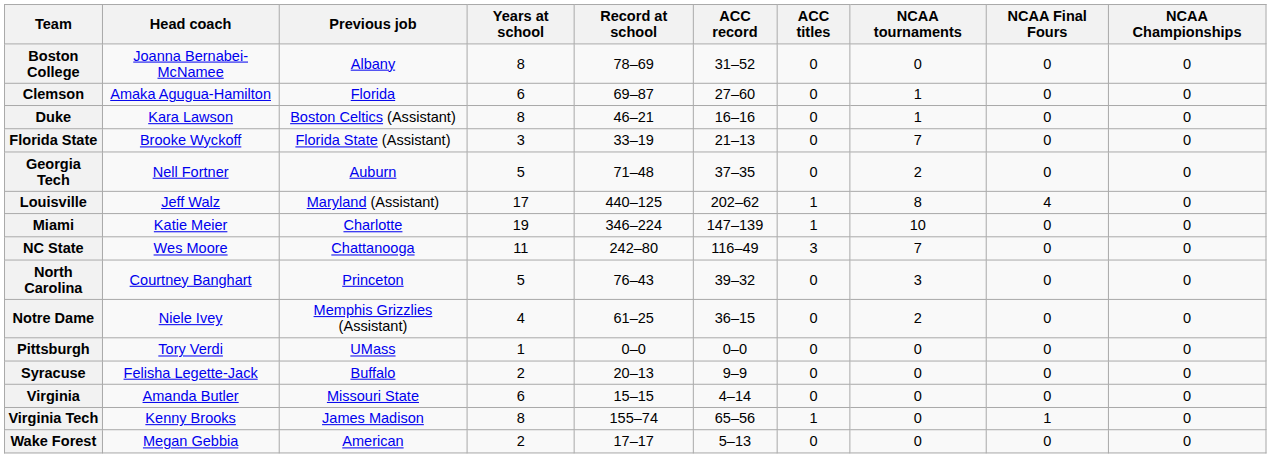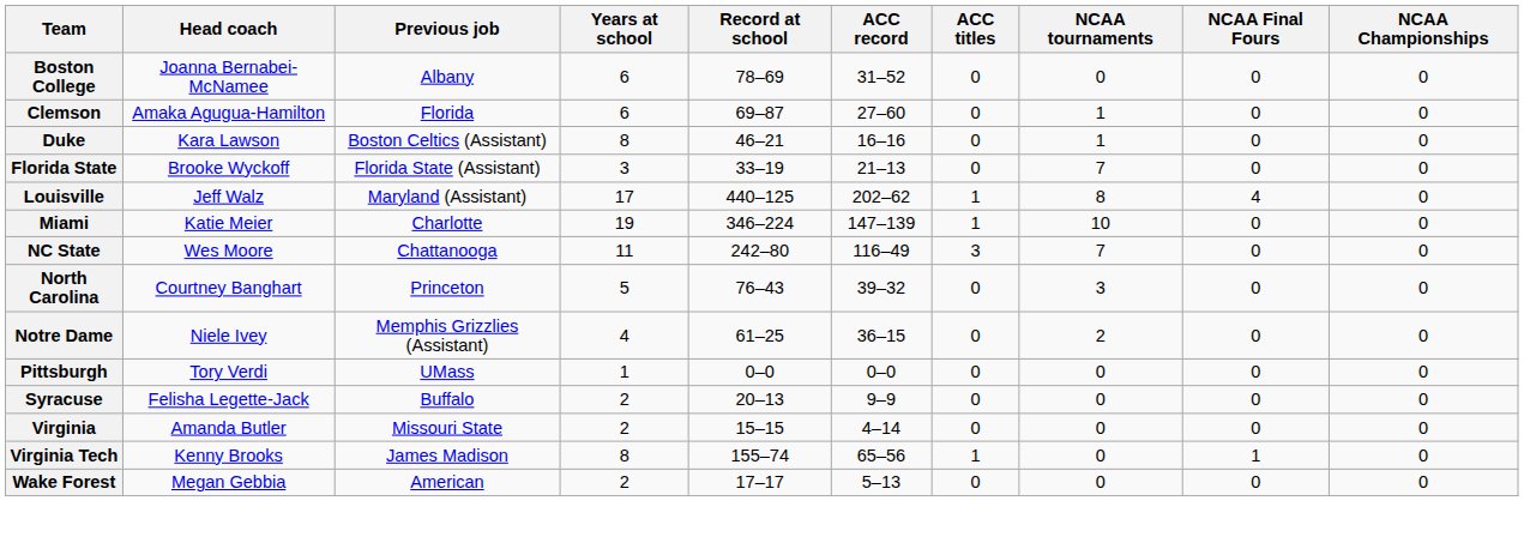 <table class="wikitable sortable" style="text-align: center;font-size:90%;">
 <tr>
 <th width="90">Team</th>
 <th>Head coach</th>
 <th>Previous job</th>
 <th>Years at school</th>
 <th>Record at school</th>
 <th>ACC record</th>
 <th>ACC titles</th>
 <th>NCAA tournaments</th>
 <th>NCAA Final Fours</th>
 <th>NCAA Championships</th>
 </tr>
 <tr>
 <th style=>Boston College</th>
 <td><a href='#'>Joanna Bernabei-McNamee</a></td>
 <td><a href='#'>Albany</a></td>
-<td>8</td>
+<td>6</td>
 <td>78–69</td>
 <td>31–52</td>
 <td>0</td>
 <td>0</td>
 <td>0</td>
 <td>0</td>
 </tr>
 <tr>
 <th>Clemson</th>
 <td><a href='#'>Amaka Agugua-Hamilton</a></td>
 <td><a href='#'>Florida</a></td>
 <td>6</td>
 <td>69–87</td>
 <td>27–60</td>
 <td>0</td>
 <td>1</td>
 <td>0</td>
 <td>0</td>
 </tr>
 <tr>
 <th>Duke</th>
 <td><a href='#'>Kara Lawson</a></td>
 <td><a href='#'>Boston Celtics</a> (Assistant)</td>
 <td>8</td>
 <td>46–21</td>
 <td>16–16</td>
 <td>0</td>
 <td>1</td>
 <td>0</td>
 <td>0</td>
 </tr>
 <tr>
 <th style=>Florida State</th>
 <td><a href='#'>Brooke Wyckoff</a></td>
 <td><a href='#'>Florida State</a> (Assistant)</td>
 <td>3</td>
 <td>33–19</td>
 <td>21–13</td>
 <td>0</td>
 <td>7</td>
-<td>0</td>
-<td>0</td>
-</tr>
-<tr>
-<th>Georgia Tech</th>
-<td><a href='#'>Nell Fortner</a></td>
-<td><a href='#'>Auburn</a></td>
-<td>5</td>
-<td>71–48</td>
-<td>37–35</td>
-<td>0</td>
-<td>2</td>
 <td>0</td>
 <td>0</td>
 </tr>
 <tr>
 <th>Louisville</th>
 <td><a href='#'>Jeff Walz</a></td>
 <td><a href='#'>Maryland</a> (Assistant)</td>
 <td>17</td>
 <td>440–125</td>
 <td>202–62</td>
 <td>1</td>
 <td>8</td>
 <td>4</td>
 <td>0</td>
 </tr>
 <tr>
 <th>Miami</th>
 <td><a href='#'>Katie Meier</a></td>
 <td><a href='#'>Charlotte</a></td>
 <td>19</td>
 <td>346–224</td>
 <td>147–139</td>
 <td>1</td>
 <td>10</td>
 <td>0</td>
 <td>0</td>
 </tr>
 <tr>
 <th>NC State</th>
 <td><a href='#'>Wes Moore</a></td>
 <td><a href='#'>Chattanooga</a></td>
 <td>11</td>
 <td>242–80</td>
 <td>116–49</td>
 <td>3</td>
 <td>7</td>
 <td>0</td>
 <td>0</td>
 </tr>
 <tr>
 <th>North Carolina</th>
 <td><a href='#'>Courtney Banghart</a></td>
 <td><a href='#'>Princeton</a></td>
 <td>5</td>
 <td>76–43</td>
 <td>39–32</td>
 <td>0</td>
 <td>3</td>
 <td>0</td>
 <td>0</td>
 </tr>
 <tr>
 <th style=>Notre Dame</th>
 <td><a href='#'>Niele Ivey</a></td>
 <td><a href='#'>Memphis Grizzlies</a> (Assistant)</td>
 <td>4</td>
 <td>61–25</td>
 <td>36–15</td>
 <td>0</td>
 <td>2</td>
 <td>0</td>
 <td>0</td>
 </tr>
 <tr>
 <th style=>Pittsburgh</th>
 <td><a href='#'>Tory Verdi</a></td>
 <td><a href='#'>UMass</a></td>
 <td>1</td>
 <td>0–0</td>
 <td>0–0</td>
 <td>0</td>
 <td>0</td>
 <td>0</td>
 <td>0</td>
 </tr>
 <tr>
 <th style=>Syracuse</th>
 <td><a href='#'>Felisha Legette-Jack</a></td>
 <td><a href='#'>Buffalo</a></td>
 <td>2</td>
 <td>20–13</td>
 <td>9–9</td>
 <td>0</td>
 <td>0</td>
 <td>0</td>
 <td>0</td>
 </tr>
 <tr>
 <th>Virginia</th>
 <td><a href='#'>Amanda Butler</a></td>
 <td><a href='#'>Missouri State</a></td>
-<td>6</td>
+<td>2</td>
 <td>15–15</td>
 <td>4–14</td>
 <td>0</td>
 <td>0</td>
 <td>0</td>
 <td>0</td>
 </tr>
 <tr>
 <th>Virginia Tech</th>
 <td><a href='#'>Kenny Brooks</a></td>
 <td><a href='#'>James Madison</a></td>
 <td>8</td>
 <td>155–74</td>
 <td>65–56</td>
 <td>1</td>
 <td>0</td>
 <td>1</td>
 <td>0</td>
 </tr>
 <tr>
 <th style=>Wake Forest</th>
 <td><a href='#'>Megan Gebbia</a></td>
 <td><a href='#'>American</a></td>
 <td>2</td>
 <td>17–17</td>
 <td>5–13</td>
 <td>0</td>
 <td>0</td>
 <td>0</td>
 <td>0</td>
 </tr>
 </table>
